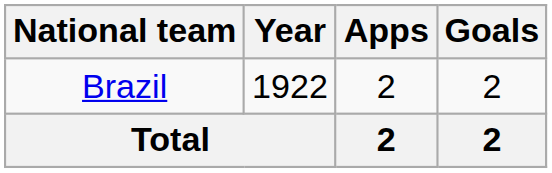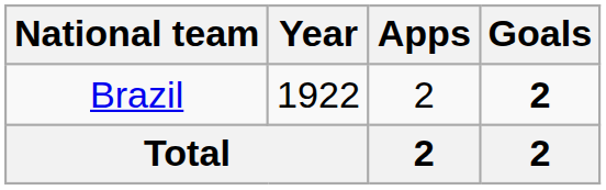 <table class="wikitable" style="text-align:center">
 <tr>
 <th>National team</th>
 <th>Year</th>
 <th>Apps</th>
 <th>Goals</th>
 </tr>
 <tr>
 <td rowspan="1"><a href='#'>Brazil</a></td>
 <td>1922</td>
 <td>2</td>
-<td>2</td>
+<td><strong>2</strong></td>
 </tr>
 <tr>
 <th colspan=2>Total</th>
 <th>2</th>
 <th>2</th>
 </tr>
 </table>
